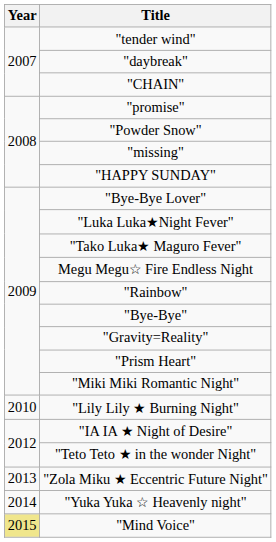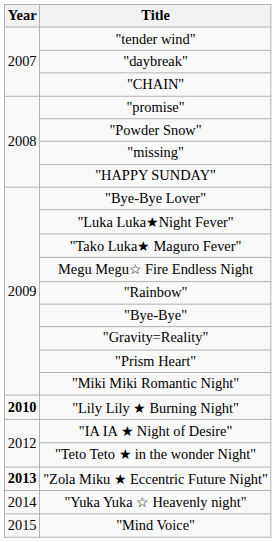 <table class="wikitable" style="text-align:center">
 <tr>
 <th>Year</th>
 <th>Title</th>
 </tr>
 <tr>
 <td rowspan=3>2007</td>
 <td>"tender wind"</td>
 </tr>
 <tr>
 <td>"daybreak"</td>
 </tr>
 <tr>
 <td>"CHAIN"</td>
 </tr>
 <tr>
 <td rowspan=4>2008</td>
 <td>"promise"</td>
 </tr>
 <tr>
 <td>"Powder Snow"</td>
 </tr>
 <tr>
 <td>"missing"</td>
 </tr>
 <tr>
 <td>"HAPPY SUNDAY"</td>
 </tr>
 <tr>
 <td rowspan=9>2009</td>
 <td>"Bye-Bye Lover"</td>
 </tr>
 <tr>
 <td>"Luka Luka★Night Fever"</td>
 </tr>
 <tr>
 <td>"Tako Luka★ Maguro Fever"</td>
 </tr>
 <tr>
 <td>Megu Megu☆ Fire Endless Night</td>
 </tr>
 <tr>
 <td>"Rainbow"</td>
 </tr>
 <tr>
 <td>"Bye-Bye"</td>
 </tr>
 <tr>
 <td>"Gravity=Reality"</td>
 </tr>
 <tr>
 <td>"Prism Heart"</td>
 </tr>
 <tr>
 <td>"Miki Miki Romantic Night"</td>
 </tr>
 <tr>
-<td>2010</td>
+<td><strong>2010</strong></td>
 <td>"Lily Lily ★ Burning Night"</td>
 </tr>
 <tr>
 <td rowspan=2>2012</td>
 <td>"IA IA ★ Night of Desire"</td>
 </tr>
 <tr>
 <td>"Teto Teto ★ in the wonder Night"</td>
 </tr>
 <tr>
-<td>2013</td>
+<td><strong>2013</strong></td>
 <td>"Zola Miku ★ Eccentric Future Night"</td>
 </tr>
 <tr>
 <td>2014</td>
 <td>"Yuka Yuka ☆ Heavenly night"</td>
 </tr>
 <tr>
-<td style="background: khaki;">2015</td>
+<td>2015</td>
 <td>"Mind Voice"</td>
 </tr>
 </table>
